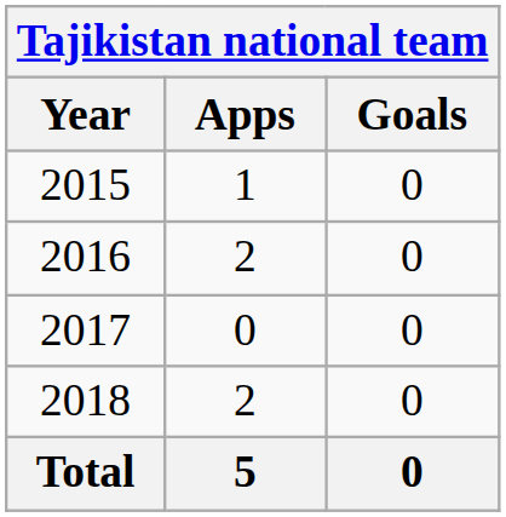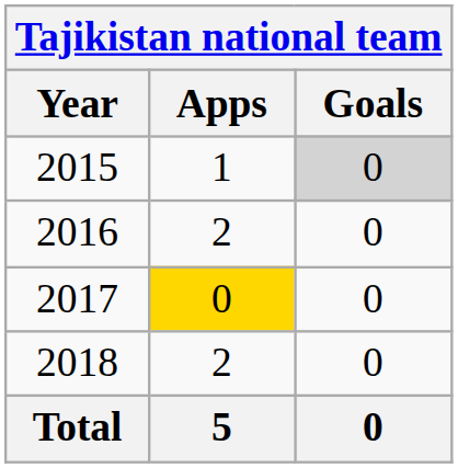 <table class="wikitable" style="text-align:center">
 <tr>
 <th colspan=3><a href='#'>Tajikistan national team</a></th>
 </tr>
 <tr>
 <th>Year</th>
 <th>Apps</th>
 <th>Goals</th>
 </tr>
 <tr>
 <td>2015</td>
 <td>1</td>
-<td>0</td>
+<td style="background: lightgrey;">0</td>
 </tr>
 <tr>
 <td>2016</td>
 <td>2</td>
 <td>0</td>
 </tr>
 <tr>
 <td>2017</td>
-<td>0</td>
+<td style="background: gold;">0</td>
 <td>0</td>
 </tr>
 <tr>
 <td>2018</td>
 <td>2</td>
 <td>0</td>
 </tr>
 <tr>
 <th>Total</th>
 <th>5</th>
 <th>0</th>
 </tr>
 </table>
